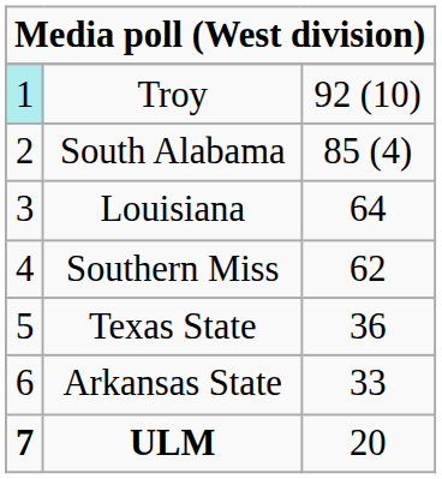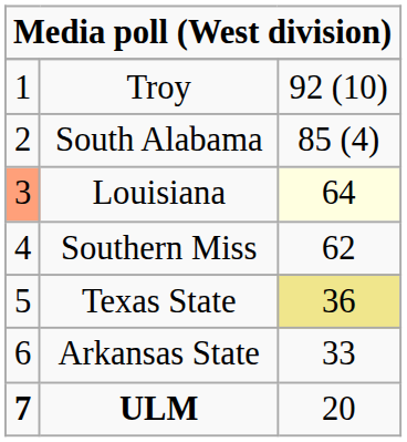 <table class="wikitable" style="display: inline-table;">
 <tr>
 <td align="center" Colspan="3"><strong>Media poll (West division)</strong></td>
 </tr>
 <tr align="center">
 </tr>
 <tr align="center">
-<td style="background: paleturquoise;">1</td>
+<td>1</td>
 <td>Troy</td>
 <td>92 (10)</td>
 </tr>
 <tr align="center">
 <td>2</td>
 <td>South Alabama</td>
 <td>85 (4)</td>
 </tr>
 <tr align="center">
-<td>3</td>
+<td style="background: lightsalmon;">3</td>
 <td>Louisiana</td>
-<td>64</td>
+<td style="background: lightyellow;">64</td>
 </tr>
 <tr align="center">
 <td>4</td>
 <td>Southern Miss</td>
 <td>62</td>
 </tr>
 <tr align="center">
 <td>5</td>
 <td>Texas State</td>
-<td>36</td>
+<td style="background: khaki;">36</td>
 </tr>
 <tr align="center">
 <td>6</td>
 <td>Arkansas State</td>
 <td>33</td>
 </tr>
 <tr align="center">
 <td><strong>7</strong></td>
 <td><strong>ULM</strong></td>
 <td>20</td>
 </tr>
 </table>
